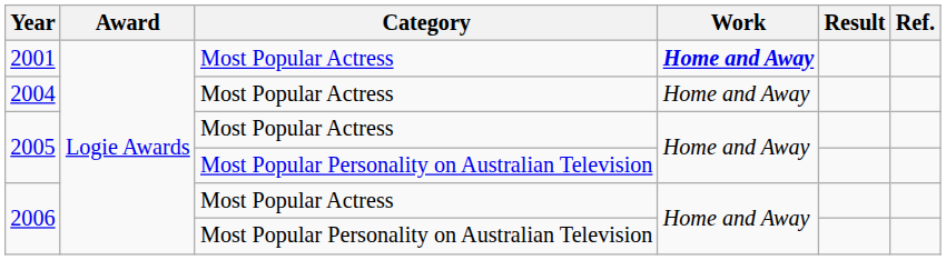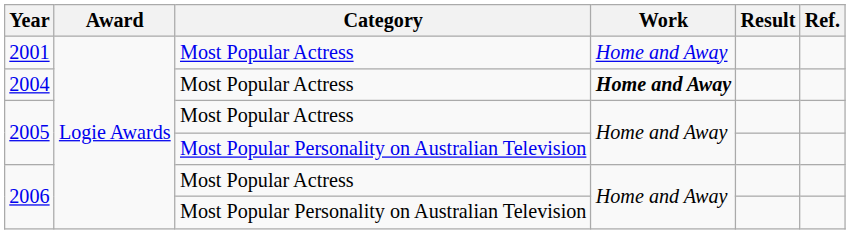 <table class="wikitable">
 <tr>
 <th>Year</th>
 <th>Award</th>
 <th>Category</th>
 <th>Work</th>
 <th>Result</th>
 <th>Ref.</th>
 </tr>
 <tr>
 <td><a href='#'>2001</a></td>
 <td rowspan="6"><a href='#'>Logie Awards</a></td>
 <td><a href='#'>Most Popular Actress</a></td>
-<td><strong><em><a href='#'>Home and Away</a></em> </strong></td>
+<td><em><a href='#'>Home and Away</a></em> </td>
 <td></td>
 <td align="center"></td>
 </tr>
 <tr>
 <td><a href='#'>2004</a></td>
 <td>Most Popular Actress</td>
-<td><em>Home and Away</em> </td>
+<td><strong><em>Home and Away</em> </strong></td>
 <td></td>
 <td align="center"></td>
 </tr>
 <tr>
 <td rowspan="2"><a href='#'>2005</a></td>
 <td>Most Popular Actress</td>
 <td rowspan="2"><em>Home and Away</em> </td>
 <td></td>
 <td align="center"></td>
 </tr>
 <tr>
 <td><a href='#'>Most Popular Personality on Australian Television</a></td>
 <td></td>
 <td align="center"></td>
 </tr>
 <tr>
 <td rowspan="2"><a href='#'>2006</a></td>
 <td>Most Popular Actress</td>
 <td rowspan="2"><em>Home and Away</em> </td>
 <td></td>
 <td align="center"></td>
 </tr>
 <tr>
 <td>Most Popular Personality on Australian Television</td>
 <td></td>
 <td align="center"></td>
 </tr>
 </table>
